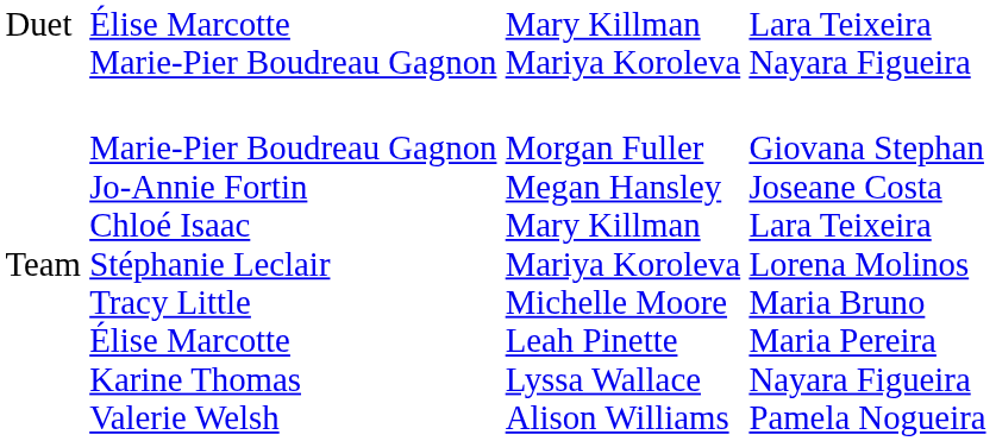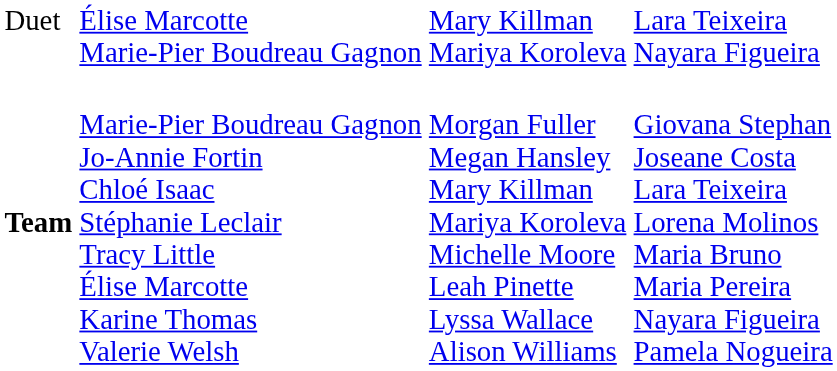 <table>
 <tr>
 <td>Duet<br></td>
 <td><br><a href='#'>Élise Marcotte</a><br><a href='#'>Marie-Pier Boudreau Gagnon</a></td>
 <td><br><a href='#'>Mary Killman</a><br><a href='#'>Mariya Koroleva</a></td>
 <td><br><a href='#'>Lara Teixeira</a><br><a href='#'>Nayara Figueira</a></td>
 </tr>
 <tr>
-<td>Team<br></td>
+<td><strong>Team<br></strong></td>
 <td><br><a href='#'>Marie-Pier Boudreau Gagnon</a><br><a href='#'>Jo-Annie Fortin</a><br><a href='#'>Chloé Isaac</a><br><a href='#'>Stéphanie Leclair</a><br><a href='#'>Tracy Little</a><br><a href='#'>Élise Marcotte</a><br><a href='#'>Karine Thomas</a><br><a href='#'>Valerie Welsh</a></td>
 <td><br><a href='#'>Morgan Fuller</a><br><a href='#'>Megan Hansley</a><br><a href='#'>Mary Killman</a><br><a href='#'>Mariya Koroleva</a><br><a href='#'>Michelle Moore</a><br><a href='#'>Leah Pinette</a><br><a href='#'>Lyssa Wallace</a><br><a href='#'>Alison Williams</a></td>
 <td><br><a href='#'>Giovana Stephan</a><br><a href='#'>Joseane Costa</a><br><a href='#'>Lara Teixeira</a><br><a href='#'>Lorena Molinos</a><br><a href='#'>Maria Bruno</a><br><a href='#'>Maria Pereira</a><br><a href='#'>Nayara Figueira</a><br><a href='#'>Pamela Nogueira</a></td>
 </tr>
 </table>
